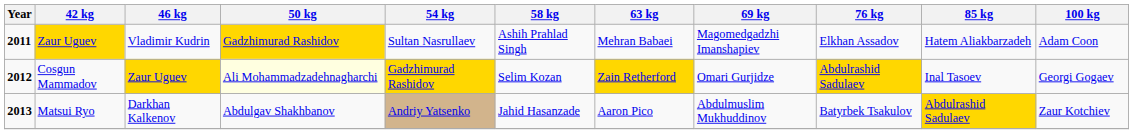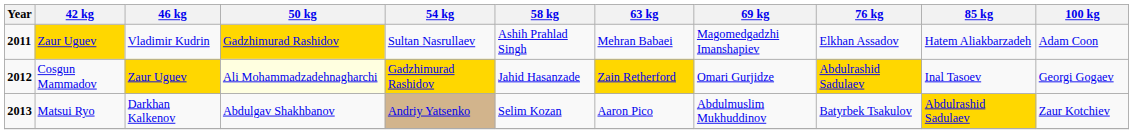 <table class="wikitable sortable"  style="font-size: 85%">
 <tr>
 <th>Year</th>
 <th width=200><a href='#'>42 kg</a></th>
 <th width=275><a href='#'>46 kg</a></th>
 <th width=275><a href='#'>50 kg</a></th>
 <th width=275><a href='#'>54 kg</a></th>
 <th width=275><a href='#'>58 kg</a></th>
 <th width=275><a href='#'>63 kg</a></th>
 <th width=275><a href='#'>69 kg</a></th>
 <th width=275><a href='#'>76 kg</a></th>
 <th width=275><a href='#'>85 kg</a></th>
 <th width=275><a href='#'>100 kg</a></th>
 </tr>
 <tr>
 <td><strong>2011</strong></td>
 <td bgcolor = "GOLD"> <a href='#'>Zaur Uguev</a></td>
 <td> <a href='#'>Vladimir Kudrin</a></td>
 <td bgcolor = "GOLD"> <a href='#'>Gadzhimurad Rashidov</a></td>
 <td> <a href='#'>Sultan Nasrullaev</a></td>
 <td> <a href='#'>Ashih Prahlad Singh</a></td>
 <td> <a href='#'>Mehran Babaei</a></td>
 <td> <a href='#'>Magomedgadzhi Imanshapiev</a></td>
 <td> <a href='#'>Elkhan Assadov</a></td>
 <td> <a href='#'>Hatem Aliakbarzadeh</a></td>
 <td> <a href='#'>Adam Coon</a></td>
 </tr>
 <tr>
 <td><strong>2012</strong></td>
 <td> <a href='#'>Cosgun Mammadov</a></td>
 <td bgcolor = "GOLD"> <a href='#'>Zaur Uguev</a></td>
 <td style="background: lightyellow;"> <a href='#'>Ali Mohammadzadehnagharchi</a></td>
 <td bgcolor = "GOLD"> <a href='#'>Gadzhimurad Rashidov</a></td>
-<td> <a href='#'>Selim Kozan</a></td>
+<td> <a href='#'>Jahid Hasanzade</a></td>
 <td bgcolor="GOLD"> <a href='#'>Zain Retherford</a></td>
 <td> <a href='#'>Omari Gurjidze</a></td>
 <td bgcolor = "GOLD"> <a href='#'>Abdulrashid Sadulaev</a></td>
 <td> <a href='#'>Inal Tasoev</a></td>
 <td> <a href='#'>Georgi Gogaev</a></td>
 </tr>
 <tr>
 <td><strong>2013</strong></td>
 <td> <a href='#'>Matsui Ryo</a></td>
 <td> <a href='#'>Darkhan Kalkenov</a></td>
 <td> <a href='#'>Abdulgav Shakhbanov</a></td>
 <td bgcolor = "TAN"> <a href='#'>Andriy Yatsenko</a></td>
-<td> <a href='#'>Jahid Hasanzade</a></td>
+<td> <a href='#'>Selim Kozan</a></td>
 <td> <a href='#'>Aaron Pico</a></td>
 <td> <a href='#'>Abdulmuslim Mukhuddinov</a></td>
 <td> <a href='#'>Batyrbek Tsakulov</a></td>
 <td bgcolor = "GOLD"> <a href='#'>Abdulrashid Sadulaev</a></td>
 <td> <a href='#'>Zaur Kotchiev</a></td>
 </tr>
 <tr>
 </tr>
 </table>
